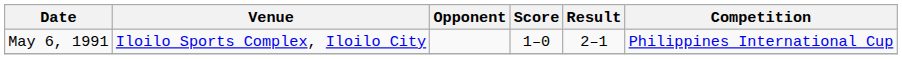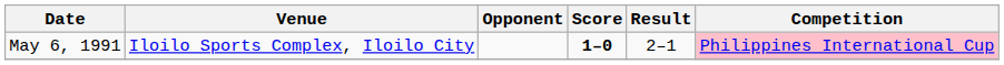 <table class="wikitable">
 <tr>
 <th>Date</th>
 <th>Venue</th>
 <th>Opponent</th>
 <th>Score</th>
 <th>Result</th>
 <th>Competition</th>
 </tr>
 <tr>
 <td>May 6, 1991</td>
 <td><a href='#'>Iloilo Sports Complex</a>, <a href='#'>Iloilo City</a></td>
 <td></td>
-<td style="text-align:center;">1–0</td>
+<td style="text-align:center;"><strong>1–0</strong></td>
 <td style="text-align:center;">2–1</td>
-<td><a href='#'>Philippines International Cup</a></td>
+<td style="background: pink;"><a href='#'>Philippines International Cup</a></td>
 </tr>
 <tr>
 </tr>
 </table>
